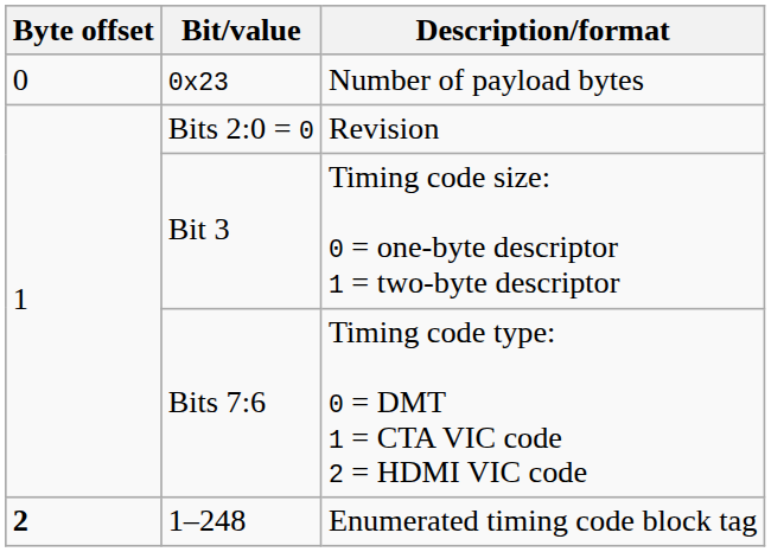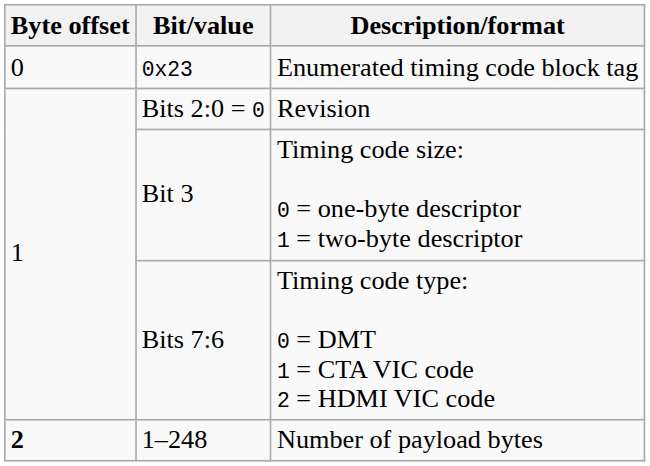 <table class=wikitable>
 <tr>
 <th>Byte offset</th>
 <th>Bit/value</th>
 <th>Description/format</th>
 </tr>
 <tr>
 <td>0</td>
 <td><code>0x23</code></td>
-<td>Number of payload bytes</td>
+<td>Enumerated timing code block tag</td>
 </tr>
 <tr>
 <td rowspan=3>1</td>
 <td>Bits 2:0 = <code>0</code></td>
 <td>Revision</td>
 </tr>
 <tr>
 <td>Bit 3</td>
 <td>Timing code size:<br><br><code>0</code> = one-byte descriptor<br> <code>1</code> = two-byte descriptor</td>
 </tr>
 <tr>
 <td>Bits 7:6</td>
 <td>Timing code type:<br><br><code>0</code> = DMT<br> <code>1</code> = CTA VIC code<br> <code>2</code> = HDMI VIC code</td>
 </tr>
 <tr>
 <td><strong>2</strong></td>
 <td>1–248</td>
-<td>Enumerated timing code block tag</td>
+<td>Number of payload bytes</td>
 </tr>
 </table>
